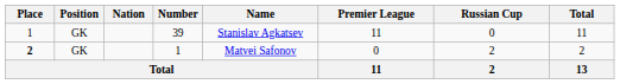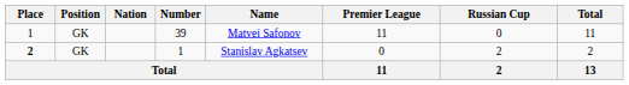 <table class="wikitable" style="font-size: 95%; text-align: center;">
 <tr>
 <th width=60>Place</th>
 <th width=60>Position</th>
 <th width=60>Nation</th>
 <th width=60>Number</th>
 <th width=150>Name</th>
 <th width=150>Premier League</th>
 <th width=150>Russian Cup</th>
 <th width=80>Total</th>
 </tr>
 <tr>
 <td>1</td>
 <td>GK</td>
 <td></td>
 <td>39</td>
-<td><a href='#'>Stanislav Agkatsev</a></td>
+<td><a href='#'>Matvei Safonov</a></td>
 <td>11</td>
 <td>0</td>
 <td>11</td>
 </tr>
 <tr>
 <td><strong>2</strong></td>
 <td>GK</td>
 <td></td>
 <td>1</td>
-<td><a href='#'>Matvei Safonov</a></td>
+<td><a href='#'>Stanislav Agkatsev</a></td>
 <td>0</td>
 <td>2</td>
 <td>2</td>
 </tr>
 <tr>
 <th colspan=5>Total</th>
 <th>11</th>
 <th>2</th>
 <th>13</th>
 </tr>
 </table>
